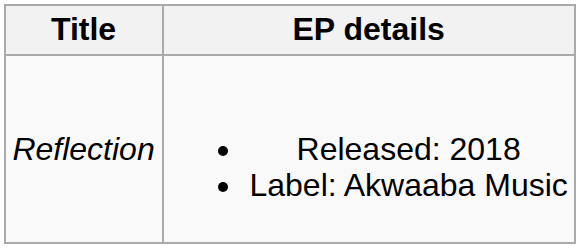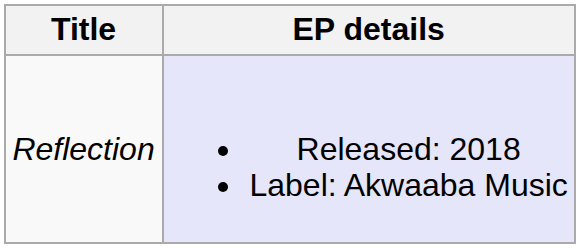 <table class="wikitable mw-collapsible plainrowheaders" style="text-align:center;">
 <tr>
 <th>Title</th>
 <th scope="col" style="padding:0 8px;">EP details</th>
 </tr>
 <tr>
 <td><em>Reflection</em></td>
-<td><br><ul><li>Released: 2018</li><li>Label: Akwaaba Music</li></ul></td>
+<td style="background: lavender;"><br><ul><li>Released: 2018</li><li>Label: Akwaaba Music</li></ul></td>
 </tr>
 </table>
